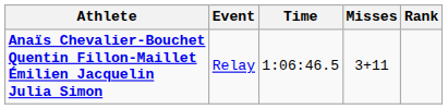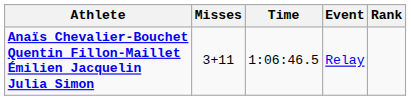 <table class=wikitable style=font-size:90%>
 <tr>
 <th>Athlete</th>
+<th>Misses</th>
+<th>Time</th>
 <th>Event</th>
-<th>Time</th>
-<th>Misses</th>
 <th>Rank</th>
 </tr>
 <tr align=center>
 <td align=left><strong><a href='#'>Anaïs Chevalier-Bouchet</a><br><a href='#'>Quentin Fillon-Maillet</a><br><a href='#'>Émilien Jacquelin</a><br><a href='#'>Julia Simon</a></strong></td>
+<td>3+11</td>
+<td>1:06:46.5</td>
 <td align=left><a href='#'>Relay</a></td>
-<td>1:06:46.5</td>
-<td>3+11</td>
 <td></td>
 </tr>
 </table>
